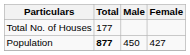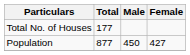 <table class="wikitable sortable">
 <tr>
 <th>Particulars</th>
 <th>Total</th>
 <th>Male</th>
 <th>Female</th>
 </tr>
 <tr>
 <td>Total No. of Houses</td>
 <td>177</td>
 <td></td>
 <td></td>
 </tr>
 <tr>
 <td>Population</td>
-<td><strong>877</strong></td>
+<td>877</td>
 <td>450</td>
 <td>427</td>
 </tr>
 <tr>
 </tr>
 </table>
